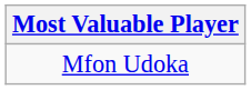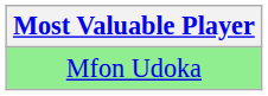 <table class=wikitable style="text-align:center; margin:auto">
 <tr>
 <th><a href='#'>Most Valuable Player</a></th>
 </tr>
 <tr>
-<td> <a href='#'>Mfon Udoka</a></td>
+<td style="background: lightgreen;"> <a href='#'>Mfon Udoka</a></td>
 </tr>
 </table>
